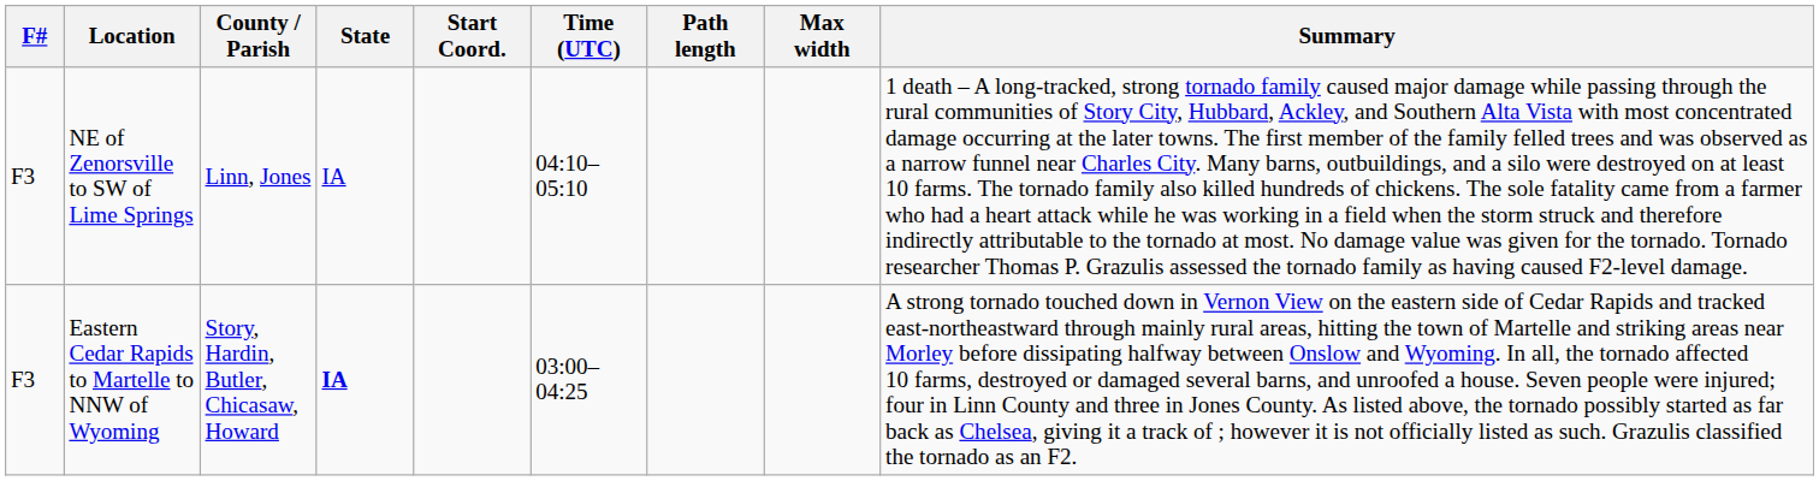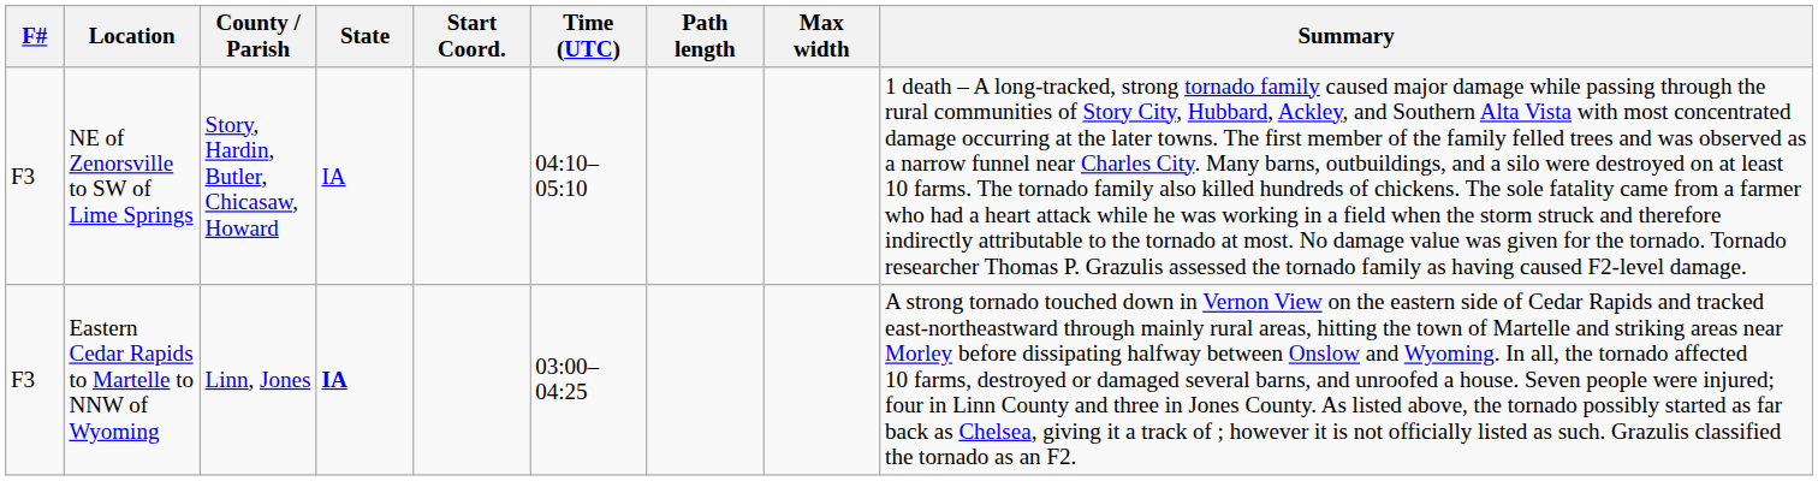 <table class="wikitable sortable" style="width:100%;">
 <tr>
 <th scope="col"  style="width:3%; text-align:center;"><a href='#'>F#</a></th>
 <th scope="col"  style="width:7%; text-align:center;" class="unsortable">Location</th>
 <th scope="col"  style="width:6%; text-align:center;" class="unsortable">County / Parish</th>
 <th scope="col"  style="width:5%; text-align:center;">State</th>
 <th scope="col"  style="width:6%; text-align:center;">Start Coord.</th>
 <th scope="col"  style="width:6%; text-align:center;">Time (<a href='#'>UTC</a>)</th>
 <th scope="col"  style="width:6%; text-align:center;">Path length</th>
 <th scope="col"  style="width:6%; text-align:center;">Max width</th>
 <th scope="col" class="unsortable" style="width:48%; text-align:center;">Summary</th>
 </tr>
 <tr>
 <td>F3</td>
 <td>NE of <a href='#'>Zenorsville</a> to SW of <a href='#'>Lime Springs</a></td>
-<td><a href='#'>Linn</a>, <a href='#'>Jones</a></td>
+<td><a href='#'>Story</a>, <a href='#'>Hardin</a>, <a href='#'>Butler</a>, <a href='#'>Chicasaw</a>, <a href='#'>Howard</a></td>
 <td><a href='#'>IA</a></td>
 <td></td>
 <td>04:10–05:10</td>
 <td></td>
 <td></td>
 <td>1 death – A long-tracked, strong <a href='#'>tornado family</a> caused major damage while passing through the rural communities of <a href='#'>Story City</a>, <a href='#'>Hubbard</a>, <a href='#'>Ackley</a>, and Southern <a href='#'>Alta Vista</a> with most concentrated damage occurring at the later towns. The first member of the family felled trees and was observed as a narrow funnel near <a href='#'>Charles City</a>. Many barns, outbuildings, and a silo were destroyed on at least 10 farms. The tornado family also killed hundreds of chickens. The sole fatality came from a farmer who had a heart attack while he was working in a field when the storm struck and therefore indirectly attributable to the tornado at most. No damage value was given for the tornado. Tornado researcher Thomas P. Grazulis assessed the tornado family as having caused F2-level damage.</td>
 </tr>
 <tr>
 <td>F3</td>
 <td>Eastern <a href='#'>Cedar Rapids</a> to <a href='#'>Martelle</a> to NNW of <a href='#'>Wyoming</a></td>
-<td><a href='#'>Story</a>, <a href='#'>Hardin</a>, <a href='#'>Butler</a>, <a href='#'>Chicasaw</a>, <a href='#'>Howard</a></td>
+<td><a href='#'>Linn</a>, <a href='#'>Jones</a></td>
 <td><strong><a href='#'>IA</a></strong></td>
 <td></td>
 <td>03:00–04:25</td>
 <td></td>
 <td></td>
 <td>A strong tornado touched down in <a href='#'>Vernon View</a> on the eastern side of Cedar Rapids and tracked east-northeastward through mainly rural areas, hitting the town of Martelle and striking areas near <a href='#'>Morley</a> before dissipating halfway between <a href='#'>Onslow</a> and <a href='#'>Wyoming</a>. In all, the tornado affected 10 farms, destroyed or damaged several barns, and unroofed a house. Seven people were injured; four in Linn County and three in Jones County. As listed above, the tornado possibly started as far back as <a href='#'>Chelsea</a>, giving it a track of ; however it is not officially listed as such. Grazulis classified the tornado as an F2.</td>
 </tr>
 </table>
